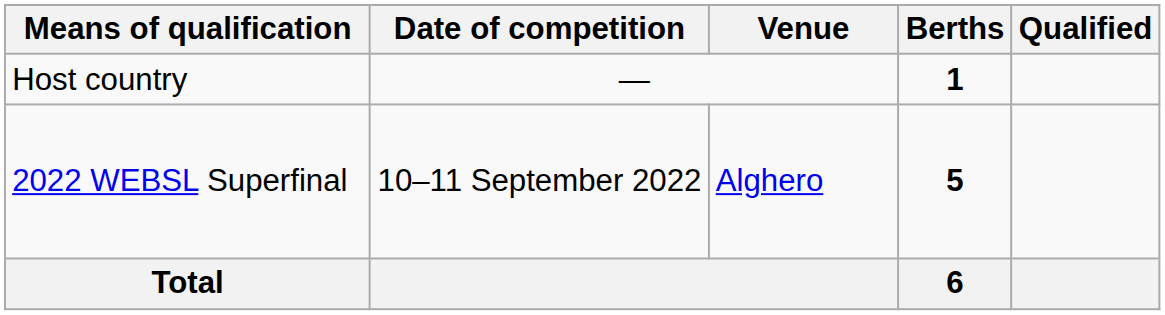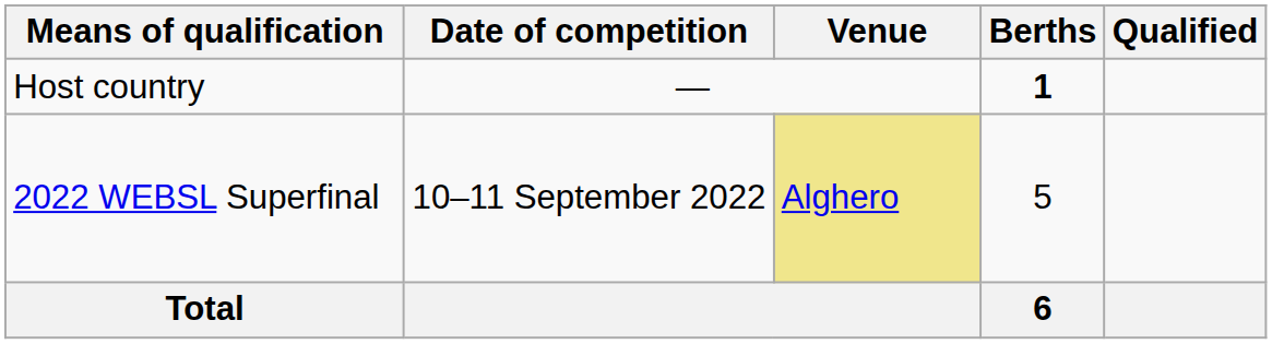 <table class="wikitable">
 <tr>
 <th width=180>Means of qualification</th>
 <th>Date of competition</th>
 <th width=90>Venue</th>
 <th>Berths</th>
 <th>Qualified</th>
 </tr>
 <tr>
 <td>Host country</td>
 <td colspan=2 align=center>—</td>
 <td align=center><strong>1</strong></td>
 <td></td>
 </tr>
 <tr>
 <td><a href='#'>2022 WEBSL</a> Superfinal</td>
 <td>10–11 September 2022</td>
-<td> <a href='#'>Alghero</a></td>
-<td align=center><strong>5</strong></td>
+<td style="background: khaki;"> <a href='#'>Alghero</a></td>
+<td align=center>5</td>
 <td><br><br><br><br></td>
 </tr>
 <tr>
 <th>Total</th>
 <th colspan=2> </th>
 <th>6</th>
 <th></th>
 </tr>
 </table>
